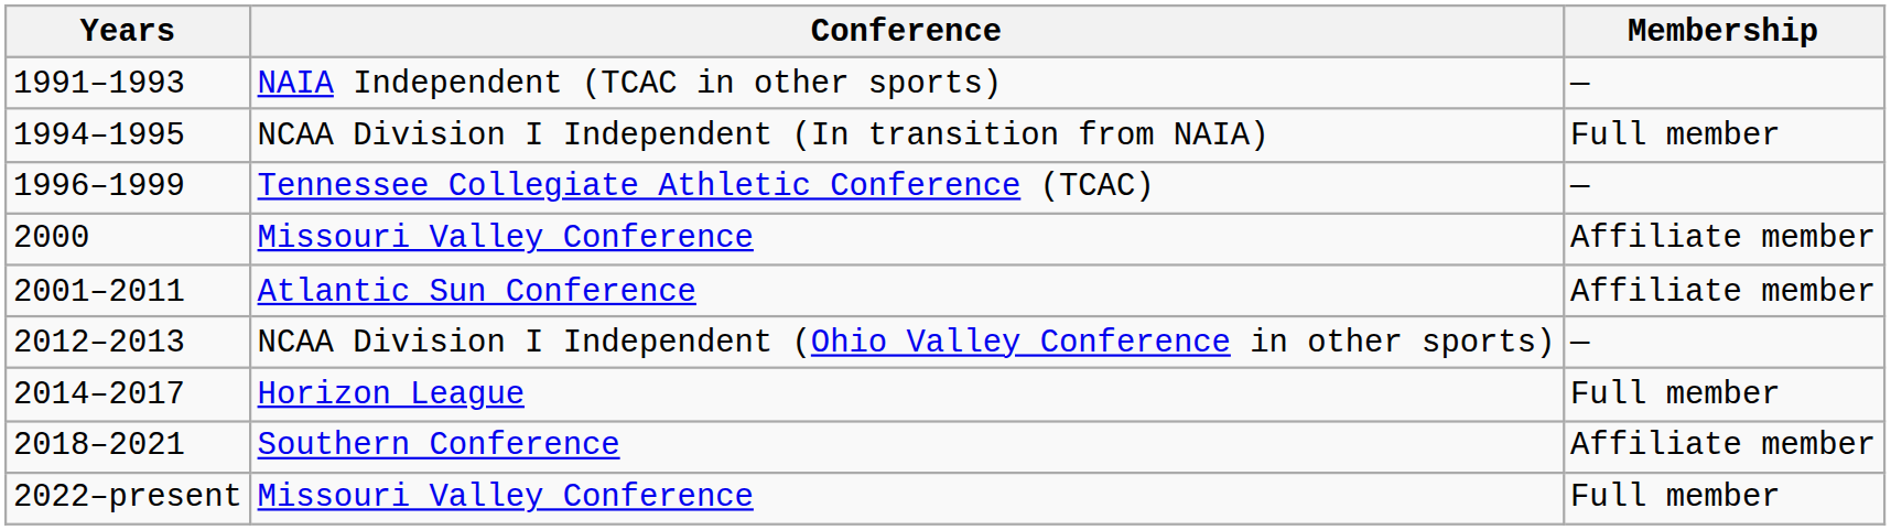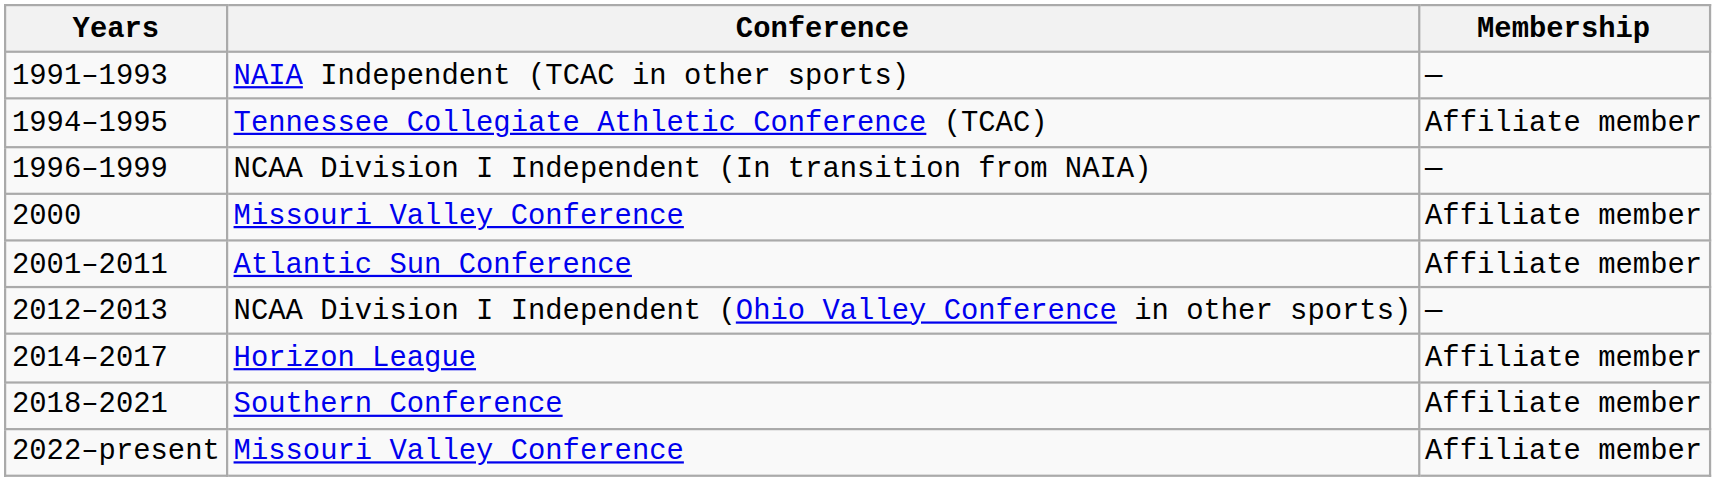 <table class="wikitable" style="text-align:left; width  %;">
 <tr>
 <th width=px>Years</th>
 <th width=px>Conference</th>
 <th width=px>Membership</th>
 </tr>
 <tr>
 <td>1991–1993</td>
 <td><a href='#'>NAIA</a> Independent (TCAC in other sports)</td>
 <td>—</td>
 </tr>
 <tr>
 <td>1994–1995</td>
-<td>NCAA  Division I Independent (In transition from NAIA)</td>
-<td>Full member</td>
+<td><a href='#'>Tennessee Collegiate Athletic Conference</a> (TCAC)</td>
+<td>Affiliate member</td>
 </tr>
 <tr>
 <td>1996–1999</td>
-<td><a href='#'>Tennessee Collegiate Athletic Conference</a> (TCAC)</td>
+<td>NCAA  Division I Independent (In transition from NAIA)</td>
 <td>—</td>
 </tr>
 <tr>
 <td>2000</td>
 <td><a href='#'>Missouri Valley Conference</a></td>
 <td>Affiliate member</td>
 </tr>
 <tr>
 <td>2001–2011</td>
 <td><a href='#'>Atlantic Sun Conference</a></td>
 <td>Affiliate member</td>
 </tr>
 <tr>
 <td>2012–2013</td>
 <td>NCAA Division I Independent (<a href='#'>Ohio Valley Conference</a> in other sports)</td>
 <td>—</td>
 </tr>
 <tr>
 <td>2014–2017</td>
 <td><a href='#'>Horizon League</a></td>
-<td>Full member</td>
+<td>Affiliate member</td>
 </tr>
 <tr>
 <td>2018–2021</td>
 <td><a href='#'>Southern Conference</a></td>
 <td>Affiliate member</td>
 </tr>
 <tr>
 <td>2022–present</td>
 <td><a href='#'>Missouri Valley Conference</a></td>
-<td>Full member</td>
+<td>Affiliate member</td>
 </tr>
 </table>
